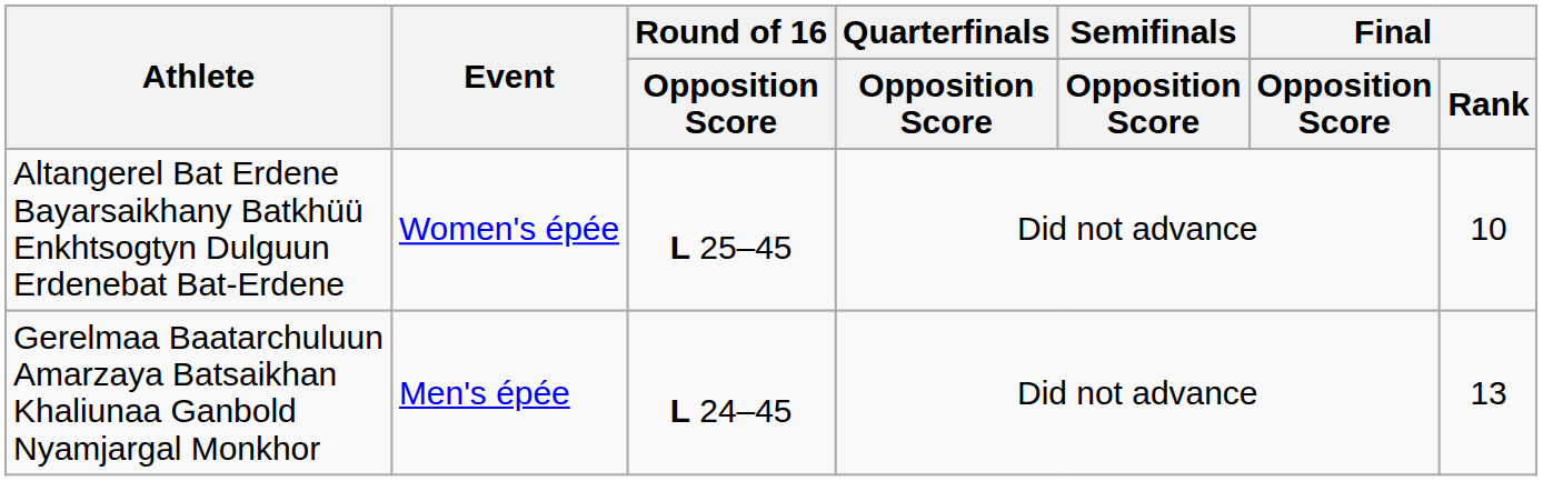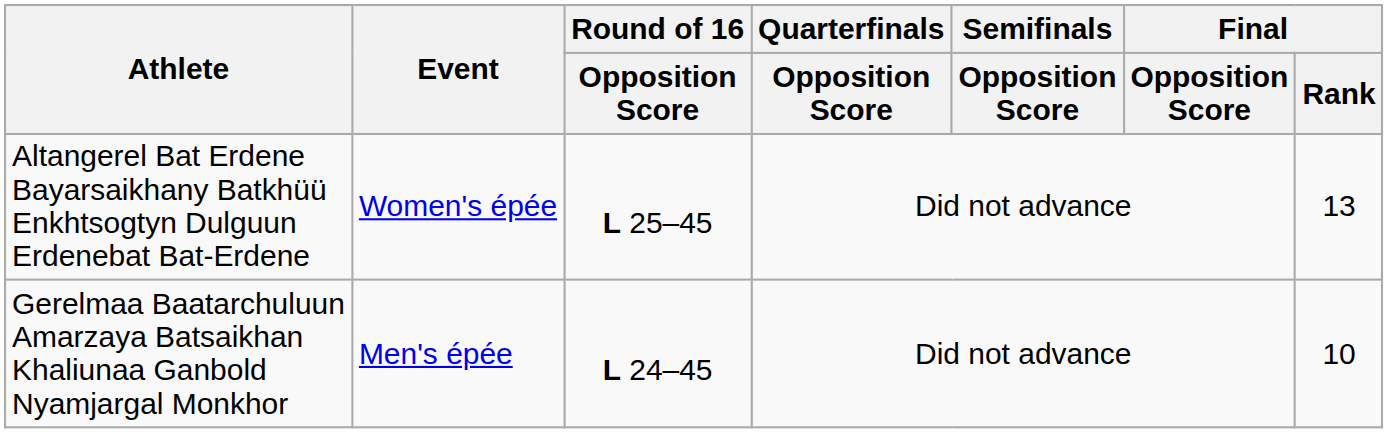 <table class=wikitable style=font-size:90%;text-align:center>
 <tr>
 <th rowspan="2">Athlete</th>
 <th rowspan="2">Event</th>
 <th>Round of 16</th>
 <th>Quarterfinals</th>
 <th>Semifinals</th>
 <th colspan="2">Final</th>
 </tr>
 <tr>
 <th>Opposition<br>Score</th>
 <th>Opposition<br>Score</th>
 <th>Opposition<br>Score</th>
 <th>Opposition<br>Score</th>
 <th>Rank</th>
 </tr>
 <tr>
 <td align=left>Altangerel Bat Erdene<br>Bayarsaikhany Batkhüü<br>Enkhtsogtyn Dulguun<br>Erdenebat Bat-Erdene</td>
 <td align=left><a href='#'>Women's épée</a></td>
 <td><br><strong>L</strong> 25–45</td>
 <td colspan=3>Did not advance</td>
-<td>10</td>
+<td>13</td>
 </tr>
 <tr>
 <td align=left>Gerelmaa Baatarchuluun<br>Amarzaya Batsaikhan<br>Khaliunaa Ganbold<br>Nyamjargal Monkhor</td>
 <td align=left><a href='#'>Men's épée</a></td>
 <td><br><strong>L</strong> 24–45</td>
 <td colspan=3>Did not advance</td>
-<td>13</td>
+<td>10</td>
 </tr>
 </table>
